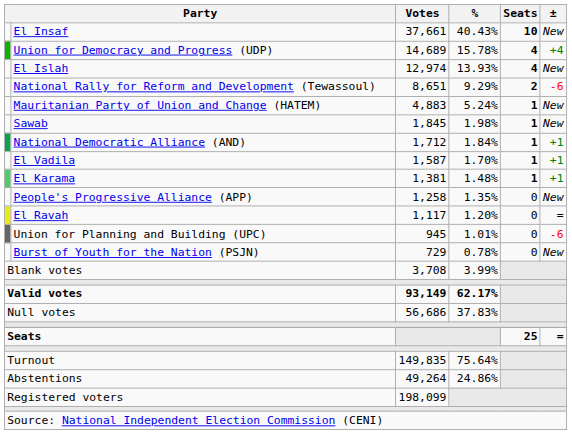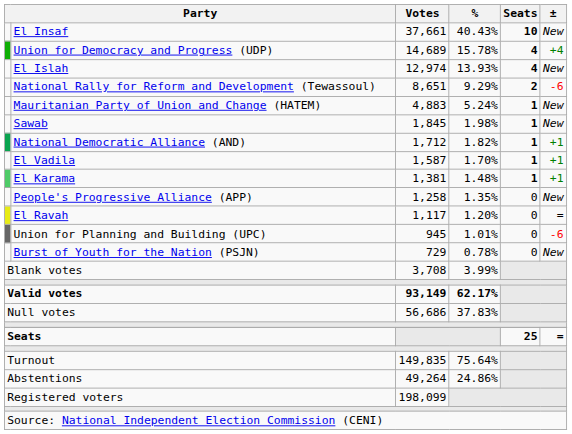 <table class="wikitable" style="text-align:right;font-size:95%;">
 <tr>
 <th width="700" colspan="2">Party</th>
 <th width="50">Votes</th>
 <th width="50">%</th>
 <th width="25">Seats</th>
 <th width="20">±</th>
 </tr>
 <tr>
 <td width="1" style="color:inherit;background:"></td>
 <td style="text-align:left;"><a href='#'>El Insaf</a></td>
 <td>37,661</td>
 <td>40.43%</td>
 <td><strong>10</strong></td>
 <td><em>New</em></td>
 </tr>
 <tr>
 <td width="1" style="color:inherit;background:#0FAF05;"></td>
 <td style="text-align:left;"><a href='#'>Union for Democracy and Progress</a> (UDP)</td>
 <td>14,689</td>
 <td>15.78%</td>
 <td><strong>4</strong></td>
 <td style="color:green;">+4</td>
 </tr>
 <tr>
 <td width="1" style="color:inherit;background:"></td>
 <td style="text-align:left;"><a href='#'>El Islah</a></td>
 <td>12,974</td>
 <td>13.93%</td>
 <td><strong>4</strong></td>
 <td><em>New</em></td>
 </tr>
 <tr>
 <td width="1" style="color:inherit;background:"></td>
 <td style="text-align:left;"><a href='#'>National Rally for Reform and Development</a> (Tewassoul)</td>
 <td>8,651</td>
 <td>9.29%</td>
 <td><strong>2</strong></td>
 <td style="color:red;">-6</td>
 </tr>
 <tr>
 <td width="1" style="color:inherit;background:"></td>
 <td style="text-align:left;"><a href='#'>Mauritanian Party of Union and Change</a> (HATEM)</td>
 <td>4,883</td>
 <td>5.24%</td>
 <td><strong>1</strong></td>
 <td><em>New</em></td>
 </tr>
 <tr>
 <td width="1" style="color:inherit;background:"></td>
 <td style="text-align:left;"><a href='#'>Sawab</a></td>
 <td>1,845</td>
 <td>1.98%</td>
 <td><strong>1</strong></td>
 <td><em>New</em></td>
 </tr>
 <tr>
 <td width="1" style="color:inherit;background:#0AA450;"></td>
 <td style="text-align:left;"><a href='#'>National Democratic Alliance</a> (AND)</td>
 <td>1,712</td>
-<td>1.84%</td>
+<td>1.82%</td>
 <td><strong>1</strong></td>
 <td style="color:green;">+1</td>
 </tr>
 <tr>
 <td width="1" style="color:inherit;background:"></td>
 <td style="text-align:left;"><a href='#'>El Vadila</a></td>
 <td>1,587</td>
 <td>1.70%</td>
 <td><strong>1</strong></td>
 <td style="color:green;">+1</td>
 </tr>
 <tr>
 <td width="1" style="color:inherit;background:#4FCB68;"></td>
 <td style="text-align:left;"><a href='#'>El Karama</a></td>
 <td>1,381</td>
 <td>1.48%</td>
 <td><strong>1</strong></td>
 <td style="color:green;">+1</td>
 </tr>
 <tr>
 <td width="1" style="color:inherit;background:"></td>
 <td style="text-align:left;"><a href='#'>People's Progressive Alliance</a> (APP)</td>
 <td>1,258</td>
 <td>1.35%</td>
 <td>0</td>
 <td><em>New</em></td>
 </tr>
 <tr>
 <td width="1" style="color:inherit;background:#E7EB16;"></td>
 <td style="text-align:left;"><a href='#'>El Ravah</a></td>
 <td>1,117</td>
 <td>1.20%</td>
 <td>0</td>
 <td>=</td>
 </tr>
 <tr>
 <td width="1" style="color:inherit;background:#666666;"></td>
 <td style="text-align:left;">Union for Planning and Building (UPC)</td>
 <td>945</td>
 <td>1.01%</td>
 <td>0</td>
 <td style="color:red;">-6</td>
 </tr>
 <tr>
 <td width="1" style="color:inherit;background:"></td>
 <td style="text-align:left;"><a href='#'>Burst of Youth for the Nation</a> (PSJN)</td>
 <td>729</td>
 <td>0.78%</td>
 <td>0</td>
 <td><em>New</em></td>
 </tr>
 <tr>
 <td colspan="2" style="text-align:left;">Blank votes</td>
 <td>3,708</td>
 <td>3.99%</td>
 <td colspan="2" style="background:#E9E9E9;"></td>
 </tr>
 <tr>
 <td colspan="6" style="background:#E9E9E9;"></td>
 </tr>
 <tr style="font-weight:bold;">
 <td colspan="2" style="text-align:left;">Valid votes</td>
 <td>93,149</td>
 <td>62.17%</td>
 <td colspan="2" style="background:#E9E9E9;"></td>
 </tr>
 <tr>
 <td colspan="2" style="text-align:left;">Null votes</td>
 <td>56,686</td>
 <td>37.83%</td>
 <td colspan="2" style="background:#E9E9E9;"></td>
 </tr>
 <tr>
 <td colspan="6" style="background:#E9E9E9;"></td>
 </tr>
 <tr>
 </tr>
 <tr style="font-weight:bold;">
 <td colspan="2" style="text-align:left;">Seats</td>
 <td colspan="2" style="background:#E9E9E9;"></td>
 <td>25</td>
 <td>=</td>
 </tr>
 <tr>
 <td colspan="6" style="background:#E9E9E9;"></td>
 </tr>
 <tr>
 <td colspan="2" style="text-align:left;">Turnout</td>
 <td>149,835</td>
 <td>75.64%</td>
 <td colspan="2" style="background:#E9E9E9;"></td>
 </tr>
 <tr>
 <td colspan="2" style="text-align:left;">Abstentions</td>
 <td>49,264</td>
 <td>24.86%</td>
 <td colspan="2" style="background:#E9E9E9;"></td>
 </tr>
 <tr>
 <td colspan="2" style="text-align:left;">Registered voters</td>
 <td>198,099</td>
 <td colspan="3" style="background:#E9E9E9;"></td>
 </tr>
 <tr>
 <td colspan="6" style="background:#E9E9E9;"></td>
 </tr>
 <tr>
 <td colspan="6" style="text-align:left;">Source: <a href='#'>National Independent Election Commission</a> (CENI)</td>
 </tr>
 </table>
